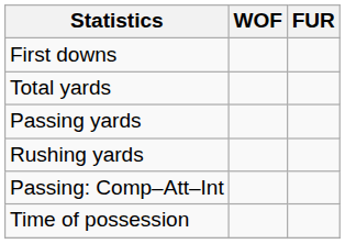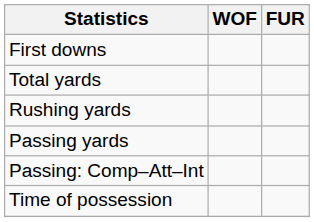 <table class="wikitable" style="float: left;">
 <tr>
 <th>Statistics</th>
 <th>WOF</th>
 <th>FUR</th>
 </tr>
 <tr>
 <td>First downs</td>
 <td></td>
 <td></td>
 </tr>
 <tr>
 <td>Total yards</td>
 <td></td>
 <td></td>
 </tr>
 <tr>
-<td>Passing yards</td>
+<td>Rushing yards</td>
 <td></td>
 <td></td>
 </tr>
 <tr>
-<td>Rushing yards</td>
+<td>Passing yards</td>
 <td></td>
 <td></td>
 </tr>
 <tr>
 <td>Passing: Comp–Att–Int</td>
 <td></td>
 <td></td>
 </tr>
 <tr>
 <td>Time of possession</td>
 <td></td>
 <td></td>
 </tr>
 <tr>
 </tr>
 </table>
